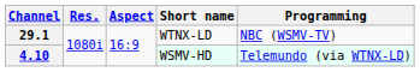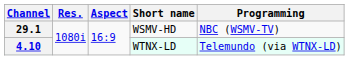 <table class="wikitable">
 <tr>
 <th scope = "col"><a href='#'>Channel</a></th>
 <th scope = "col"><a href='#'>Res.</a></th>
 <th scope = "col"><a href='#'>Aspect</a></th>
 <th scope = "col">Short name</th>
 <th scope = "col">Programming</th>
 </tr>
 <tr>
 <th scope = "row">29.1</th>
 <td rowspan=2><a href='#'>1080i</a></td>
 <td rowspan=2><a href='#'>16:9</a></td>
-<td>WTNX-LD</td>
+<td>WSMV-HD</td>
 <td><a href='#'>NBC</a> (<a href='#'>WSMV-TV</a>)</td>
 </tr>
 <tr style="background-color: #E6FFF7;">
 <th scope = "row"><a href='#'>4.10</a></th>
-<td>WSMV-HD</td>
+<td>WTNX-LD</td>
 <td><a href='#'>Telemundo</a> (via <a href='#'>WTNX-LD</a>)</td>
 </tr>
 </table>
